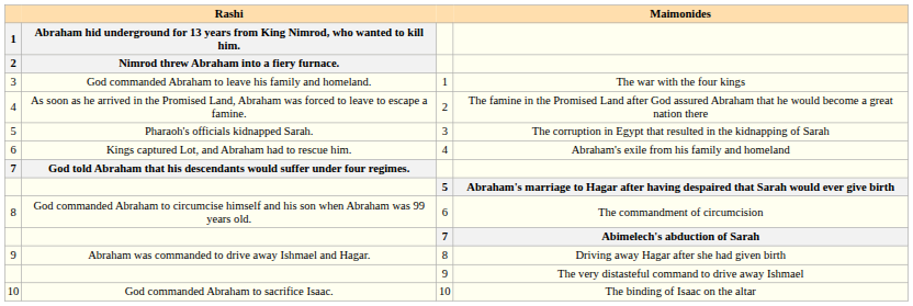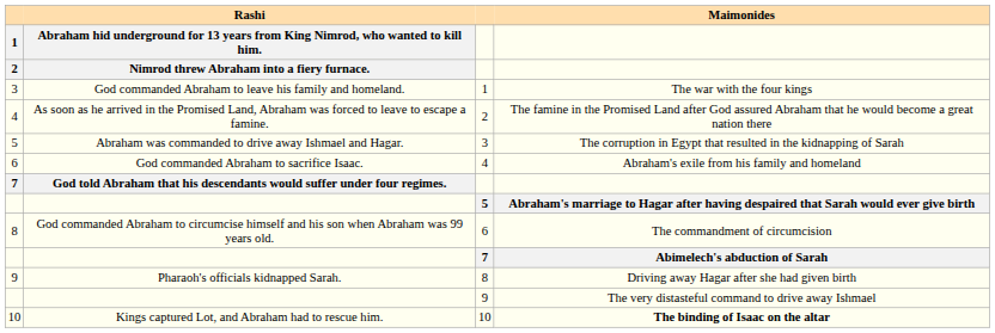 <table class="wikitable" style="text-align:center; background:Ivory;">
 <tr>
 <th style="border:1px white; background:Navajowhite;"></th>
 <th style="border:1px white; background:Navajowhite;"><strong>Rashi</strong></th>
 <th style="border:1px white; background:Navajowhite;"></th>
 <th style="border:1px white; background:Navajowhite;"><strong>Maimonides</strong></th>
 </tr>
 <tr>
 <th>1</th>
 <th>Abraham hid underground for 13 years from King Nimrod, who wanted to kill him.</th>
 <td></td>
 <td></td>
 </tr>
 <tr>
 <th>2</th>
 <th>Nimrod threw Abraham into a fiery furnace.</th>
 <td></td>
 <td></td>
 </tr>
 <tr>
 <td>3</td>
 <td>God commanded Abraham to leave his family and homeland.</td>
 <td>1</td>
 <td>The war with the four kings</td>
 </tr>
 <tr>
 <td>4</td>
 <td>As soon as he arrived in the Promised Land, Abraham was forced to leave to escape a famine.</td>
 <td>2</td>
 <td>The famine in the Promised Land after God assured Abraham that he would become a great nation there</td>
 </tr>
 <tr>
 <td>5</td>
-<td>Pharaoh's officials kidnapped Sarah.</td>
+<td>Abraham was commanded to drive away Ishmael and Hagar.</td>
 <td>3</td>
 <td>The corruption in Egypt that resulted in the kidnapping of Sarah</td>
 </tr>
 <tr>
 <td>6</td>
-<td>Kings captured Lot, and Abraham had to rescue him.</td>
+<td>God commanded Abraham to sacrifice Isaac.</td>
 <td>4</td>
 <td>Abraham's exile from his family and homeland</td>
 </tr>
 <tr>
 <th>7</th>
 <th>God told Abraham that his descendants would suffer under four regimes.</th>
 <td></td>
 <td></td>
 </tr>
 <tr>
 <td></td>
 <td></td>
 <th>5</th>
 <th>Abraham's marriage to Hagar after having despaired that Sarah would ever give birth</th>
 </tr>
 <tr>
 <td>8</td>
 <td>God commanded Abraham to circumcise himself and his son when Abraham was 99 years old.</td>
 <td>6</td>
 <td>The commandment of circumcision</td>
 </tr>
 <tr>
 <td></td>
 <td></td>
 <th>7</th>
 <th>Abimelech's abduction of Sarah</th>
 </tr>
 <tr>
 <td>9</td>
-<td>Abraham was commanded to drive away Ishmael and Hagar.</td>
+<td>Pharaoh's officials kidnapped Sarah.</td>
 <td>8</td>
 <td>Driving away Hagar after she had given birth</td>
 </tr>
 <tr>
 <td></td>
 <td></td>
 <td>9</td>
 <td>The very distasteful command to drive away Ishmael</td>
 </tr>
 <tr>
 <td>10</td>
-<td>God commanded Abraham to sacrifice Isaac.</td>
+<td>Kings captured Lot, and Abraham had to rescue him.</td>
 <td>10</td>
-<td>The binding of Isaac on the altar</td>
+<td><strong>The binding of Isaac on the altar</strong></td>
 </tr>
 </table>
